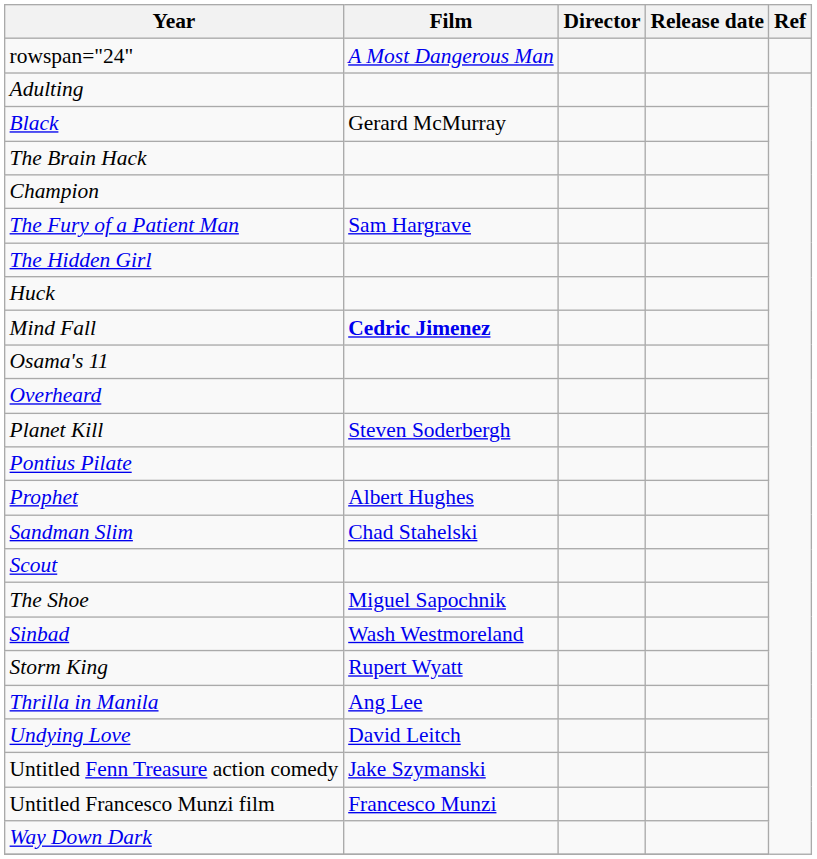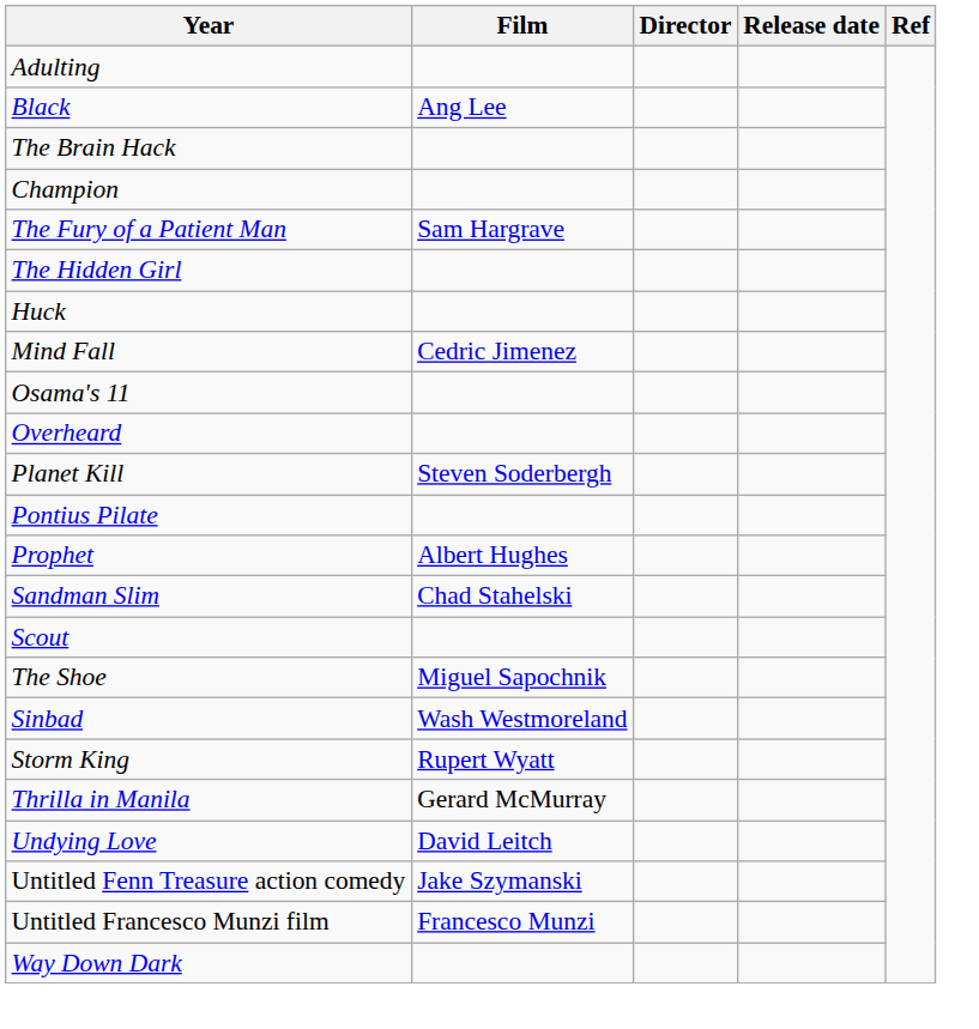 <table class="wikitable plainrowheaders" border="1">
 <tr>
 <th scope="col">Year</th>
 <th scope="col">Film</th>
 <th scope="col">Director</th>
 <th scope="col">Release date</th>
 <th scope="col">Ref</th>
 </tr>
 <tr>
-<td>rowspan="24" </td>
-<td><em><a href='#'>A Most Dangerous Man</a></em></td>
-<td></td>
-<td></td>
-<td></td>
-</tr>
-<tr>
 <td><em>Adulting</em></td>
 <td></td>
 <td></td>
 <td></td>
 </tr>
 <tr>
 <td><em><a href='#'>Black</a></em></td>
-<td>Gerard McMurray</td>
+<td><a href='#'>Ang Lee</a></td>
 <td></td>
 <td></td>
 </tr>
 <tr>
 <td><em>The Brain Hack</em></td>
 <td></td>
 <td></td>
 <td></td>
 </tr>
 <tr>
 <td><em>Champion</em></td>
 <td></td>
 <td></td>
 <td></td>
 </tr>
 <tr>
 <td><em><a href='#'>The Fury of a Patient Man</a></em></td>
 <td><a href='#'>Sam Hargrave</a></td>
 <td></td>
 <td></td>
 </tr>
 <tr>
 <td><em><a href='#'>The Hidden Girl</a></em></td>
 <td></td>
 <td></td>
 <td></td>
 </tr>
 <tr>
 <td><em>Huck</em></td>
 <td></td>
 <td></td>
 <td></td>
 </tr>
 <tr>
 <td><em>Mind Fall</em></td>
-<td><strong><a href='#'>Cedric Jimenez</a></strong></td>
+<td><a href='#'>Cedric Jimenez</a></td>
 <td></td>
 <td></td>
 </tr>
 <tr>
 <td><em>Osama's 11</em></td>
 <td></td>
 <td></td>
 <td></td>
 </tr>
 <tr>
 <td><em><a href='#'>Overheard</a></em></td>
 <td></td>
 <td></td>
 <td></td>
 </tr>
 <tr>
 <td><em>Planet Kill</em></td>
 <td><a href='#'>Steven Soderbergh</a></td>
 <td></td>
 <td></td>
 </tr>
 <tr>
 <td><em><a href='#'>Pontius Pilate</a></em></td>
 <td></td>
 <td></td>
 <td></td>
 </tr>
 <tr>
 <td><em><a href='#'>Prophet</a></em></td>
 <td><a href='#'>Albert Hughes</a></td>
 <td></td>
 <td></td>
 </tr>
 <tr>
 <td><em><a href='#'>Sandman Slim</a></em></td>
 <td><a href='#'>Chad Stahelski</a></td>
 <td></td>
 <td></td>
 </tr>
 <tr>
 <td><em><a href='#'>Scout</a></em></td>
 <td></td>
 <td></td>
 <td></td>
 </tr>
 <tr>
 <td><em>The Shoe</em></td>
 <td><a href='#'>Miguel Sapochnik</a></td>
 <td></td>
 <td></td>
 </tr>
 <tr>
 <td><em><a href='#'>Sinbad</a></em></td>
 <td><a href='#'>Wash Westmoreland</a></td>
 <td></td>
 <td></td>
 </tr>
 <tr>
 <td><em>Storm King</em></td>
 <td><a href='#'>Rupert Wyatt</a></td>
 <td></td>
 <td></td>
 </tr>
 <tr>
 <td><em><a href='#'>Thrilla in Manila</a></em></td>
-<td><a href='#'>Ang Lee</a></td>
+<td>Gerard McMurray</td>
 <td></td>
 <td></td>
 </tr>
 <tr>
 <td><em><a href='#'>Undying Love</a></em></td>
 <td><a href='#'>David Leitch</a></td>
 <td></td>
 <td></td>
 </tr>
 <tr>
 <td>Untitled <a href='#'>Fenn Treasure</a> action comedy</td>
 <td><a href='#'>Jake Szymanski</a></td>
 <td></td>
 <td></td>
 </tr>
 <tr>
 <td>Untitled Francesco Munzi film</td>
 <td><a href='#'>Francesco Munzi</a></td>
 <td></td>
 <td></td>
 </tr>
 <tr>
 <td><em><a href='#'>Way Down Dark</a></em></td>
 <td></td>
 <td></td>
 <td></td>
 </tr>
 <tr>
 </tr>
 </table>
